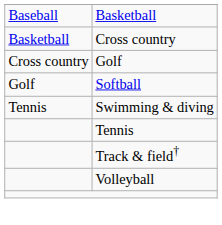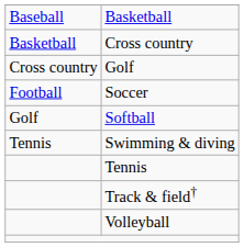 <table class="wikitable" style="float:right; clear:right; margin:0 0 1em 1em;">
 <tr>
 </tr>
 <tr>
 <td><a href='#'>Baseball</a></td>
 <td><a href='#'>Basketball</a></td>
 </tr>
 <tr>
 <td><a href='#'>Basketball</a></td>
 <td>Cross country</td>
 </tr>
 <tr>
 <td>Cross country</td>
 <td>Golf</td>
+</tr>
+<tr>
+<td><a href='#'>Football</a></td>
+<td>Soccer</td>
 </tr>
 <tr>
 <td>Golf</td>
 <td><a href='#'>Softball</a></td>
 </tr>
 <tr>
 <td>Tennis</td>
 <td>Swimming & diving</td>
 </tr>
 <tr>
 <td></td>
 <td>Tennis</td>
 </tr>
 <tr>
 <td></td>
 <td>Track & field<sup>†</sup></td>
 </tr>
 <tr>
 <td></td>
 <td>Volleyball</td>
 </tr>
 <tr>
 <td colspan="2"></td>
 </tr>
 </table>
